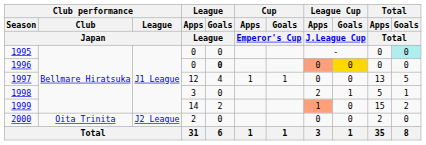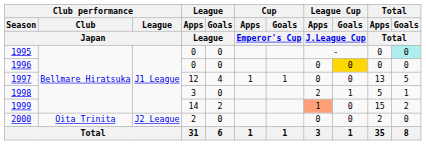 <table class="wikitable" style="text-align:center;">
 <tr>
 <th colspan=3>Club performance</th>
 <th colspan=2>League</th>
 <th colspan=2>Cup</th>
 <th colspan=2>League Cup</th>
 <th colspan=2>Total</th>
 </tr>
 <tr>
 <th>Season</th>
 <th>Club</th>
 <th>League</th>
 <th>Apps</th>
 <th>Goals</th>
 <th>Apps</th>
 <th>Goals</th>
 <th>Apps</th>
 <th>Goals</th>
 <th>Apps</th>
 <th>Goals</th>
 </tr>
 <tr>
 <th colspan=3>Japan</th>
 <th colspan=2>League</th>
 <th colspan=2><a href='#'>Emperor's Cup</a></th>
 <th colspan=2><a href='#'>J.League Cup</a></th>
 <th colspan=2>Total</th>
 </tr>
 <tr>
 <td><a href='#'>1995</a></td>
 <td rowspan="5"><a href='#'>Bellmare Hiratsuka</a></td>
 <td rowspan="5"><a href='#'>J1 League</a></td>
 <td>0</td>
 <td>0</td>
 <td></td>
 <td></td>
 <td colspan="2">-</td>
 <td>0</td>
 <td style="background: paleturquoise;">0</td>
 </tr>
 <tr>
 <td><a href='#'>1996</a></td>
 <td>0</td>
-<td><strong>0</strong></td>
+<td>0</td>
 <td></td>
 <td></td>
-<td style="background: lightsalmon;">0</td>
+<td>0</td>
 <td style="background: gold;">0</td>
 <td>0</td>
 <td>0</td>
 </tr>
 <tr>
 <td><a href='#'>1997</a></td>
 <td>12</td>
 <td>4</td>
 <td>1</td>
 <td>1</td>
 <td>0</td>
 <td>0</td>
 <td>13</td>
 <td>5</td>
 </tr>
 <tr>
 <td><a href='#'>1998</a></td>
 <td>3</td>
 <td>0</td>
 <td></td>
 <td></td>
 <td>2</td>
 <td>1</td>
 <td>5</td>
 <td>1</td>
 </tr>
 <tr>
 <td><a href='#'>1999</a></td>
 <td>14</td>
 <td>2</td>
 <td></td>
 <td></td>
 <td style="background: lightsalmon;">1</td>
 <td>0</td>
 <td>15</td>
 <td>2</td>
 </tr>
 <tr>
 <td><a href='#'>2000</a></td>
 <td><a href='#'>Oita Trinita</a></td>
 <td><a href='#'>J2 League</a></td>
 <td>2</td>
 <td>0</td>
 <td></td>
 <td></td>
 <td>0</td>
 <td>0</td>
 <td>2</td>
 <td>0</td>
 </tr>
 <tr>
 <th colspan=3>Total</th>
 <th>31</th>
 <th>6</th>
 <th>1</th>
 <th>1</th>
 <th>3</th>
 <th>1</th>
 <th>35</th>
 <th>8</th>
 </tr>
 </table>
